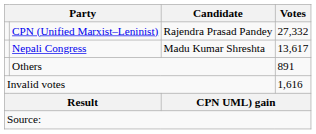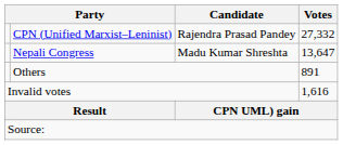 <table class="wikitable">
 <tr>
 <th colspan="2">Party</th>
 <th>Candidate</th>
 <th>Votes</th>
 </tr>
 <tr>
 <td style="background-color:"></td>
 <td><a href='#'>CPN (Unified Marxist–Leninist)</a></td>
 <td>Rajendra Prasad Pandey</td>
 <td>27,332</td>
 </tr>
 <tr>
 <td style="background-color:"></td>
 <td><a href='#'>Nepali Congress</a></td>
 <td>Madu Kumar Shreshta</td>
-<td>13,617</td>
+<td>13,647</td>
 </tr>
 <tr>
 <td></td>
 <td colspan="2">Others</td>
 <td>891</td>
 </tr>
 <tr>
 <td colspan="3">Invalid votes</td>
 <td>1,616</td>
 </tr>
 <tr>
 <th colspan="2">Result</th>
 <th colspan="2">CPN UML) gain</th>
 </tr>
 <tr>
 <td colspan="4">Source: </td>
 </tr>
 </table>
